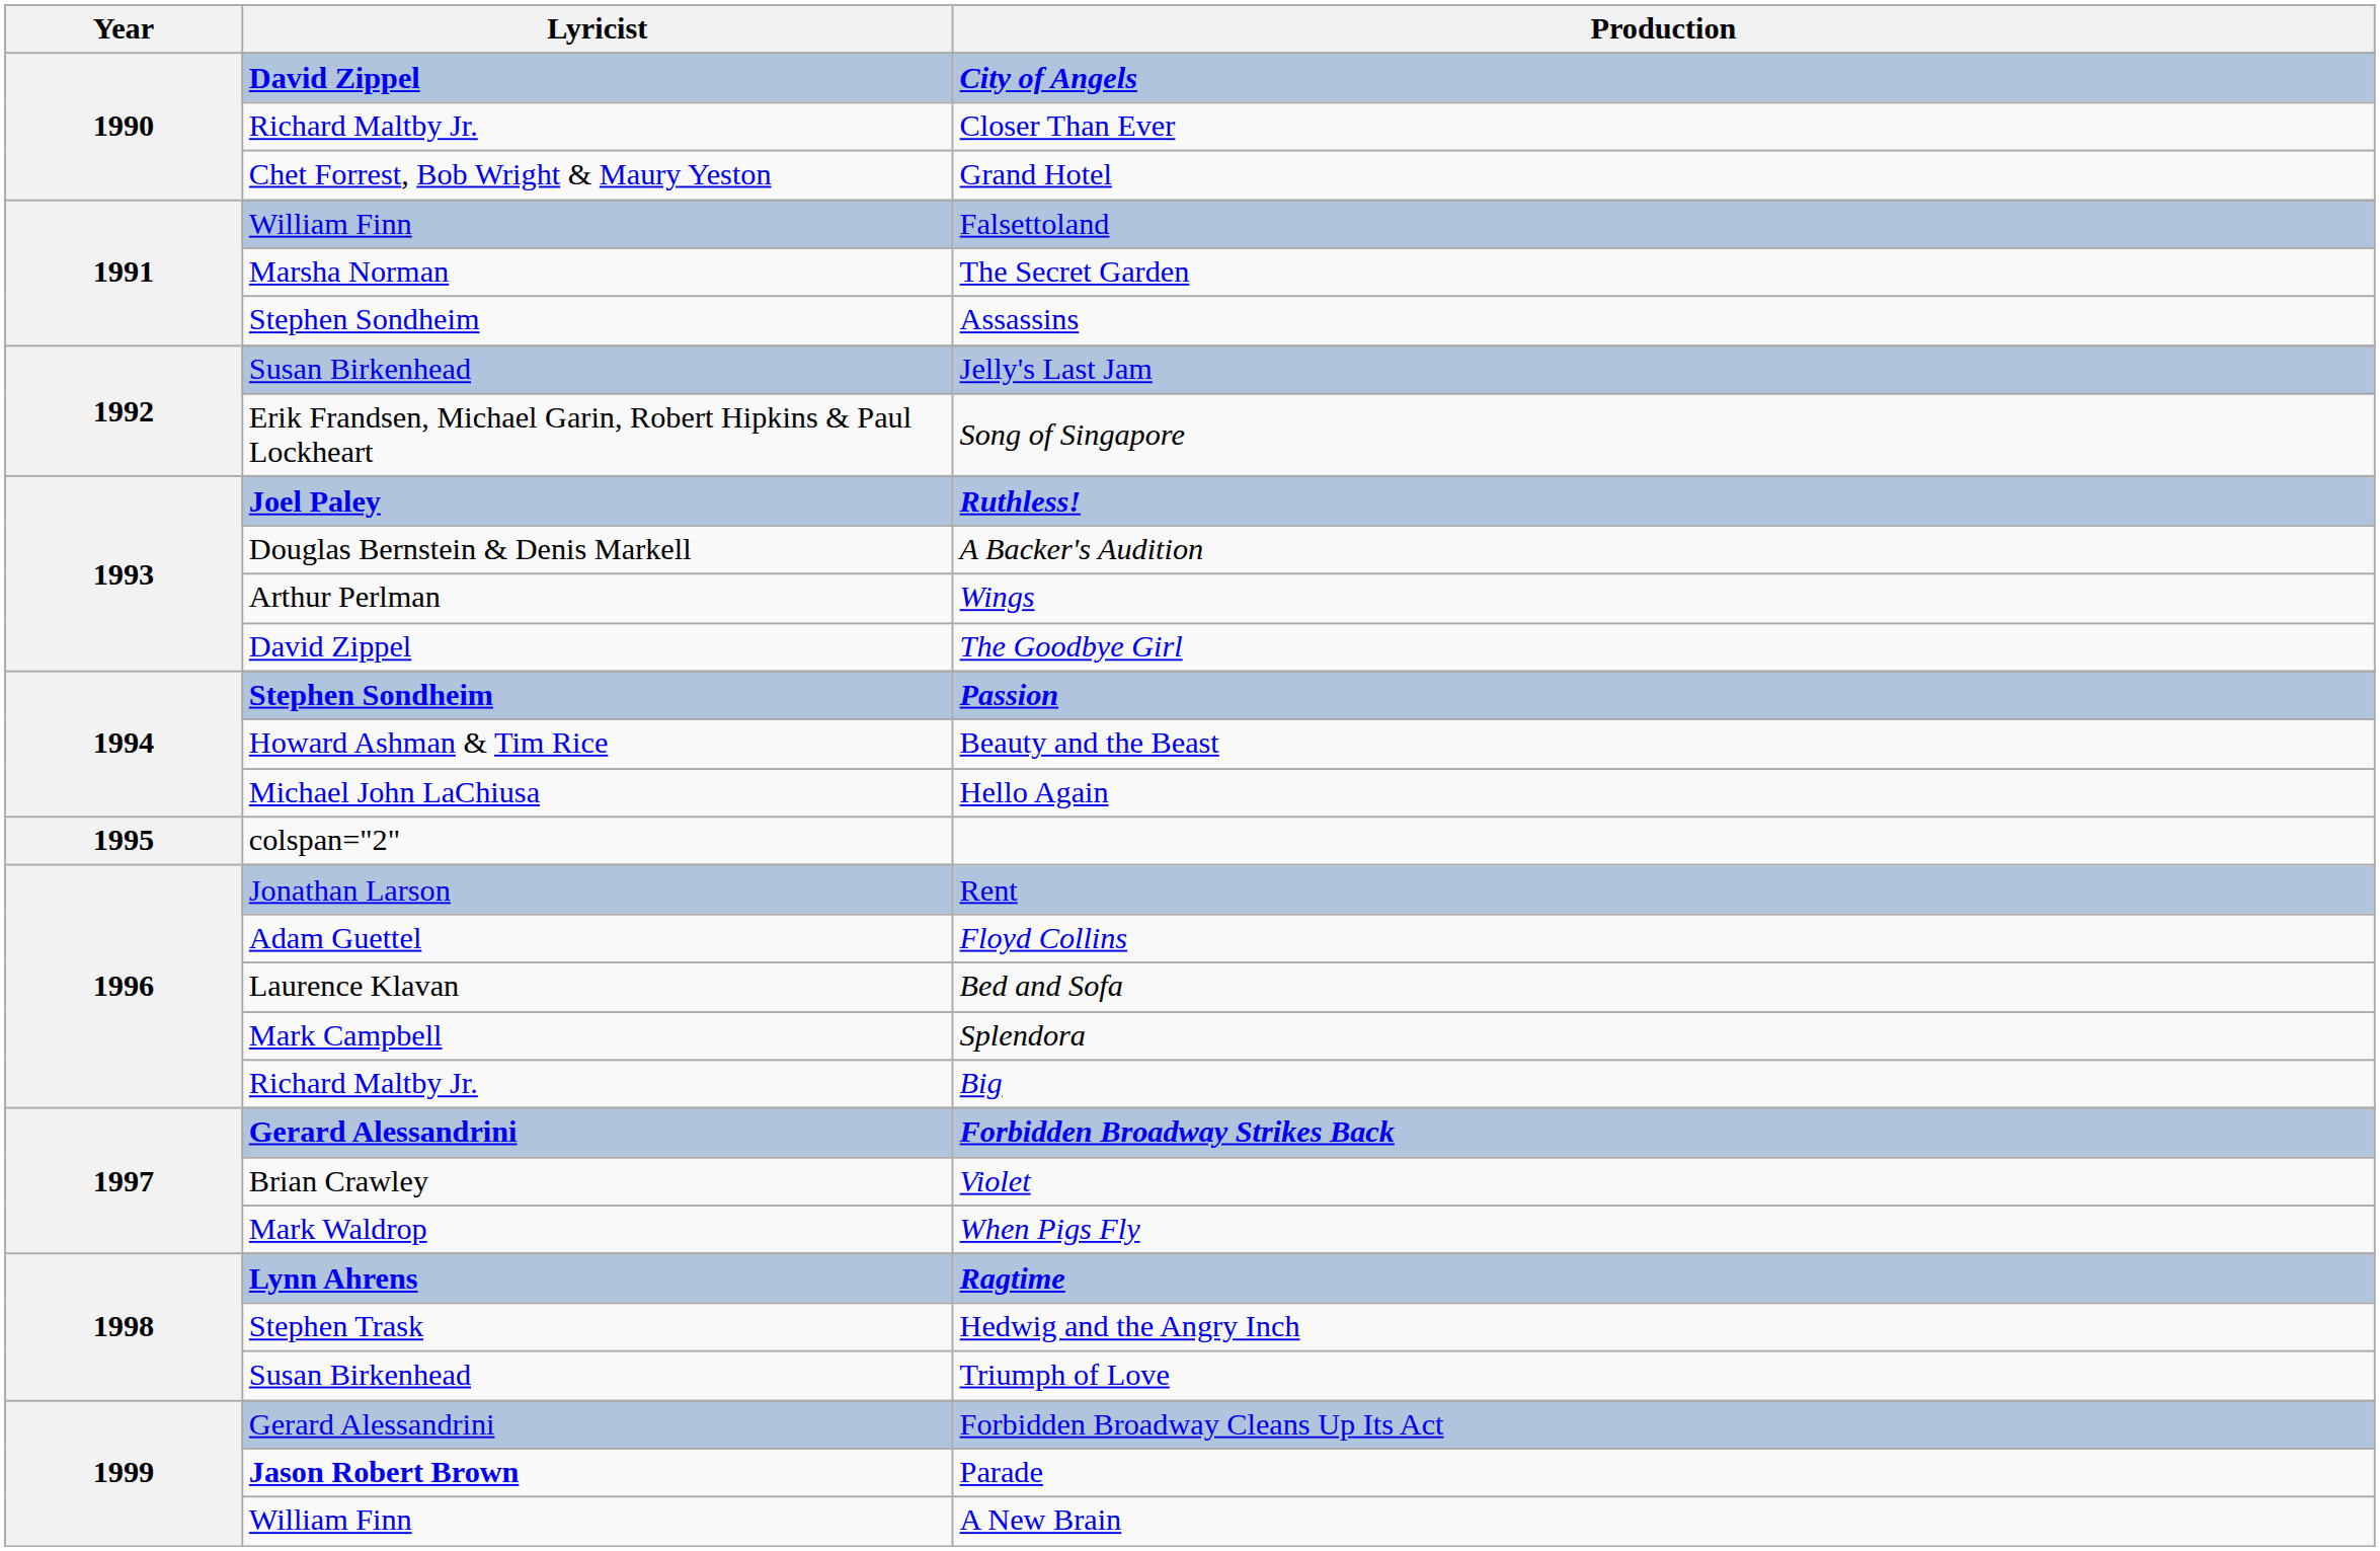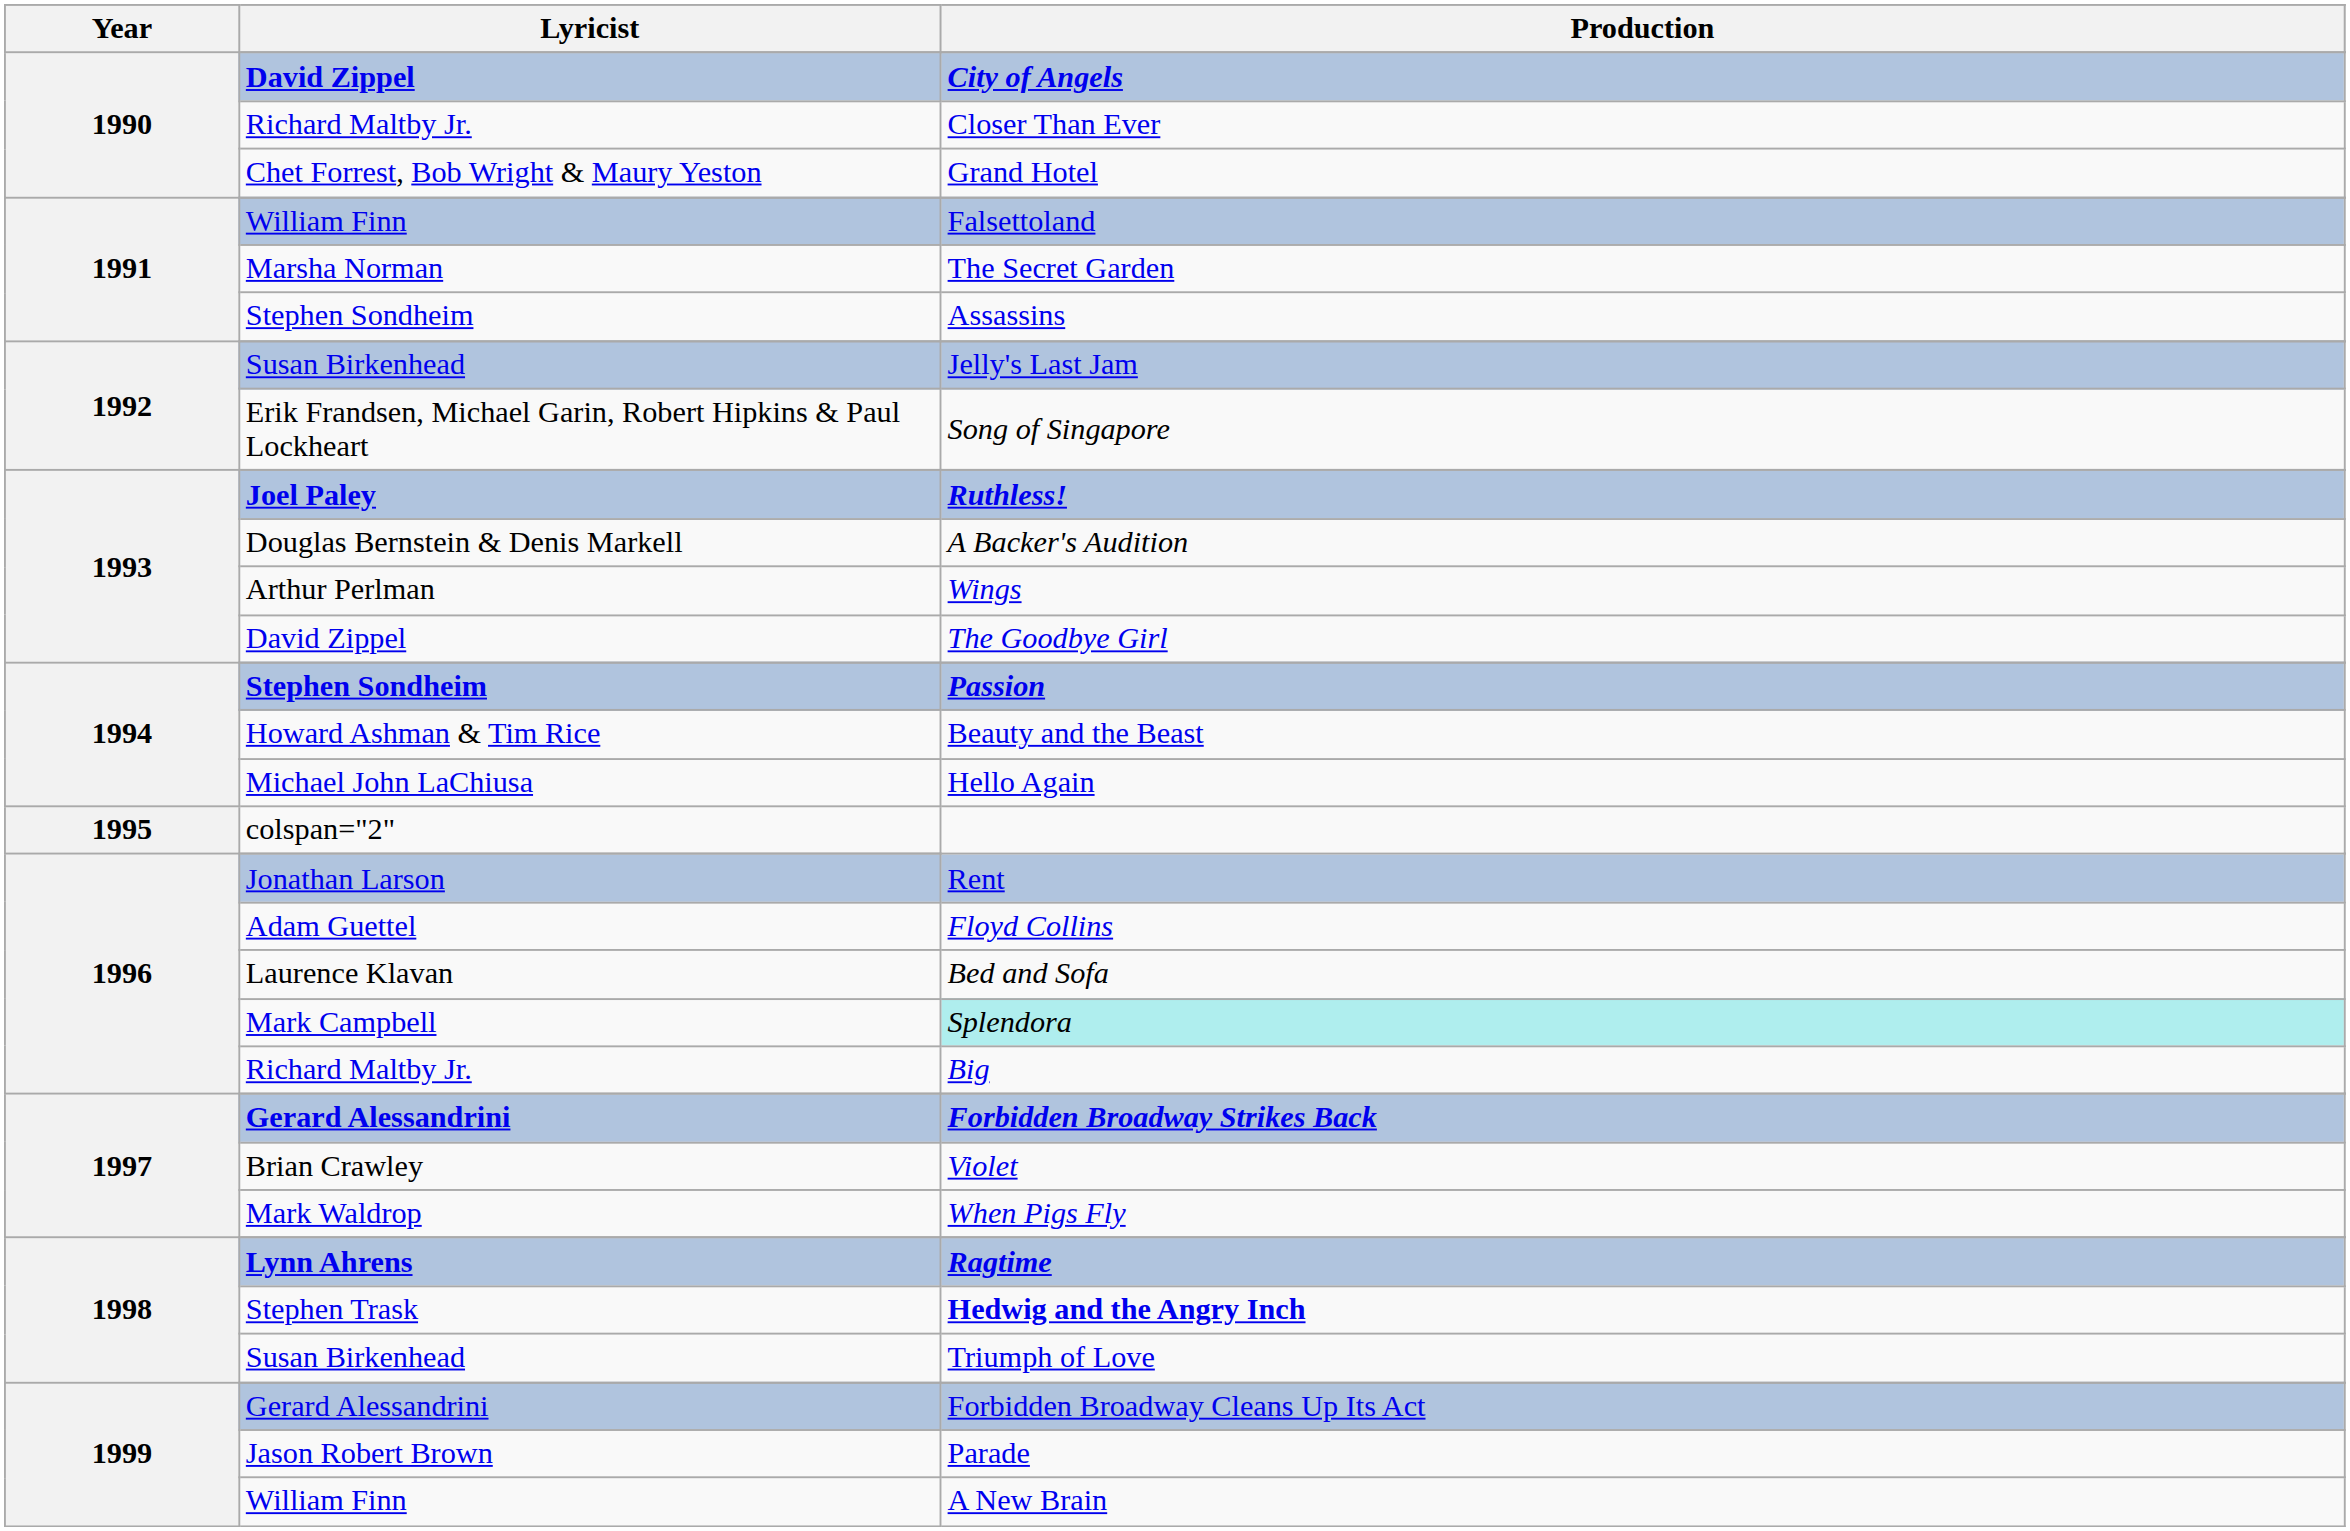 <table class="wikitable" style="width:98%;">
 <tr style="background:#bebebe;">
 <th style="width:10%;">Year</th>
 <th style="width:30%;">Lyricist</th>
 <th style="width:60%;">Production</th>
 </tr>
 <tr>
 <th rowspan="4" align="center">1990</th>
 </tr>
 <tr style="background:#B0C4DE">
 <td><strong><a href='#'>David Zippel</a></strong></td>
 <td><strong><em><a href='#'>City of Angels</a><em> <strong></td>
 </tr>
 <tr>
 <td><a href='#'>Richard Maltby Jr.</a></td>
 <td></em><a href='#'>Closer Than Ever</a><em></td>
 </tr>
 <tr>
 <td><a href='#'>Chet Forrest</a>, <a href='#'>Bob Wright</a> & <a href='#'>Maury Yeston</a></td>
 <td></em><a href='#'>Grand Hotel</a><em></td>
 </tr>
 <tr>
 <th rowspan="4" align="center">1991</th>
 </tr>
 <tr style="background:#B0C4DE">
 <td></strong><a href='#'>William Finn</a><strong></td>
 <td></em></strong><a href='#'>Falsettoland</a><strong><em></td>
 </tr>
 <tr>
 <td><a href='#'>Marsha Norman</a></td>
 <td></em><a href='#'>The Secret Garden</a><em></td>
 </tr>
 <tr>
 <td><a href='#'>Stephen Sondheim</a></td>
 <td></em><a href='#'>Assassins</a><em></td>
 </tr>
 <tr>
 <th rowspan="3" align="center">1992</th>
 </tr>
 <tr style="background:#B0C4DE">
 <td></strong><a href='#'>Susan Birkenhead</a><strong></td>
 <td></em></strong><a href='#'>Jelly's Last Jam</a></em> </strong></td>
 </tr>
 <tr>
 <td>Erik Frandsen, Michael Garin, Robert Hipkins & Paul Lockheart</td>
 <td><em>Song of Singapore</em></td>
 </tr>
 <tr>
 <th rowspan="5" align="center">1993</th>
 </tr>
 <tr style="background:#B0C4DE">
 <td><strong><a href='#'>Joel Paley</a></strong></td>
 <td><strong><em><a href='#'>Ruthless!</a></em></strong></td>
 </tr>
 <tr>
 <td>Douglas Bernstein & Denis Markell</td>
 <td><em>A Backer's Audition</em></td>
 </tr>
 <tr>
 <td>Arthur Perlman</td>
 <td><em><a href='#'>Wings</a></em></td>
 </tr>
 <tr>
 <td><a href='#'>David Zippel</a></td>
 <td><em><a href='#'>The Goodbye Girl</a></em></td>
 </tr>
 <tr>
 <th rowspan="4" align="center">1994</th>
 </tr>
 <tr style="background:#B0C4DE">
 <td><strong><a href='#'>Stephen Sondheim</a></strong></td>
 <td><strong><em><a href='#'>Passion</a><em> <strong></td>
 </tr>
 <tr>
 <td><a href='#'>Howard Ashman</a> & <a href='#'>Tim Rice</a></td>
 <td></em><a href='#'>Beauty and the Beast</a><em></td>
 </tr>
 <tr>
 <td><a href='#'>Michael John LaChiusa</a></td>
 <td></em><a href='#'>Hello Again</a><em></td>
 </tr>
 <tr>
 <th align="center">1995</th>
 <td>colspan="2" </td>
 </tr>
 <tr>
 <th rowspan="6" align="center">1996</th>
 </tr>
 <tr style="background:#B0C4DE">
 <td></strong><a href='#'>Jonathan Larson</a><strong></td>
 <td></em></strong><a href='#'>Rent</a></em> </strong></td>
 </tr>
 <tr>
 <td><a href='#'>Adam Guettel</a></td>
 <td><em><a href='#'>Floyd Collins</a></em></td>
 </tr>
 <tr>
 <td>Laurence Klavan</td>
 <td><em>Bed and Sofa</em></td>
 </tr>
 <tr>
 <td><a href='#'>Mark Campbell</a></td>
-<td><em>Splendora</em></td>
+<td style="background: paleturquoise;"><em>Splendora</em></td>
 </tr>
 <tr>
 <td><a href='#'>Richard Maltby Jr.</a></td>
 <td><em><a href='#'>Big</a></em></td>
 </tr>
 <tr>
 <th rowspan="4" align="center">1997</th>
 </tr>
 <tr style="background:#B0C4DE">
 <td><strong><a href='#'>Gerard Alessandrini</a></strong></td>
 <td><strong><em><a href='#'>Forbidden Broadway Strikes Back</a></em></strong></td>
 </tr>
 <tr>
 <td>Brian Crawley</td>
 <td><em><a href='#'>Violet</a></em></td>
 </tr>
 <tr>
 <td><a href='#'>Mark Waldrop</a></td>
 <td><em><a href='#'>When Pigs Fly</a></em></td>
 </tr>
 <tr>
 <th rowspan="4" align="center">1998</th>
 </tr>
 <tr style="background:#B0C4DE">
 <td><strong><a href='#'>Lynn Ahrens</a></strong></td>
 <td><strong><em><a href='#'>Ragtime</a><em> <strong></td>
 </tr>
 <tr>
 <td><a href='#'>Stephen Trask</a></td>
-<td></em><a href='#'>Hedwig and the Angry Inch</a><em></td>
+<td><strong></em><a href='#'>Hedwig and the Angry Inch</a><em></strong></td>
 </tr>
 <tr>
 <td><a href='#'>Susan Birkenhead</a></td>
 <td></em><a href='#'>Triumph of Love</a><em></td>
 </tr>
 <tr>
 <th rowspan="4" align="center">1999</th>
 </tr>
 <tr style="background:#B0C4DE">
 <td></strong><a href='#'>Gerard Alessandrini</a><strong></td>
 <td></em></strong><a href='#'>Forbidden Broadway Cleans Up Its Act</a><strong><em></td>
 </tr>
 <tr>
-<td><strong><a href='#'>Jason Robert Brown</a></strong></td>
+<td><a href='#'>Jason Robert Brown</a></td>
 <td></em><a href='#'>Parade</a><em></td>
 </tr>
 <tr>
 <td><a href='#'>William Finn</a></td>
 <td></em><a href='#'>A New Brain</a><em></td>
 </tr>
 </table>
